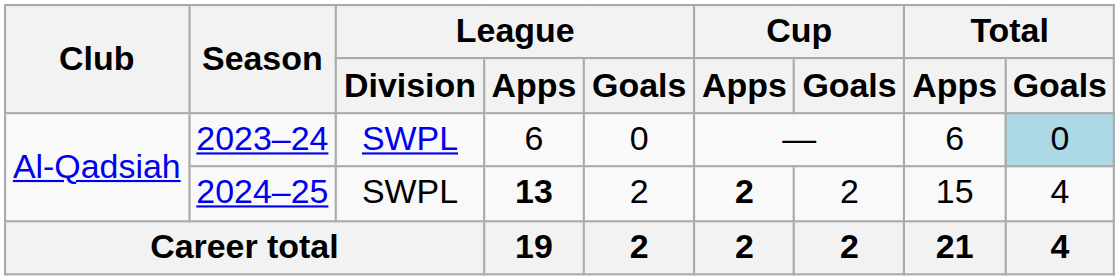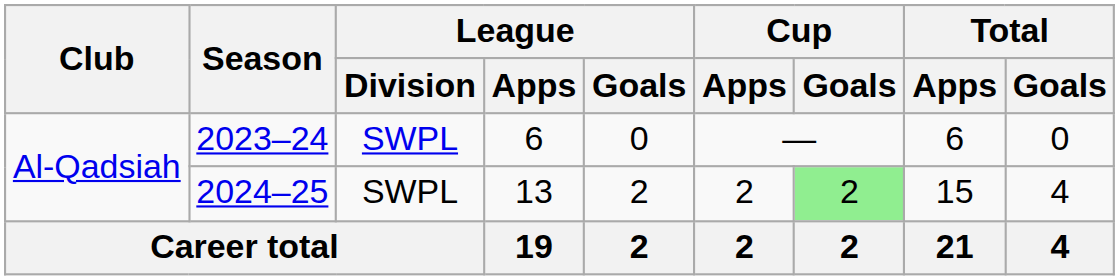 <table class="wikitable" style="text-align: center;">
 <tr>
 <th rowspan="2">Club</th>
 <th rowspan="2">Season</th>
 <th colspan="3">League</th>
 <th colspan="2">Cup</th>
 <th colspan="2">Total</th>
 </tr>
 <tr>
 <th>Division</th>
 <th>Apps</th>
 <th>Goals</th>
 <th>Apps</th>
 <th>Goals</th>
 <th>Apps</th>
 <th>Goals</th>
 </tr>
 <tr>
 <td rowspan=2><a href='#'>Al-Qadsiah</a></td>
 <td><a href='#'>2023–24</a></td>
 <td><a href='#'>SWPL</a></td>
 <td>6</td>
 <td>0</td>
 <td colspan="2">—</td>
 <td>6</td>
-<td style="background: lightblue;">0</td>
+<td>0</td>
 </tr>
 <tr>
 <td><a href='#'>2024–25</a></td>
 <td>SWPL</td>
-<td><strong>13</strong></td>
+<td>13</td>
 <td>2</td>
-<td><strong>2</strong></td>
 <td>2</td>
+<td style="background: lightgreen;">2</td>
 <td>15</td>
 <td>4</td>
 </tr>
 <tr>
 <th colspan="3">Career total</th>
 <th>19</th>
 <th>2</th>
 <th>2</th>
 <th>2</th>
 <th>21</th>
 <th>4</th>
 </tr>
 </table>
